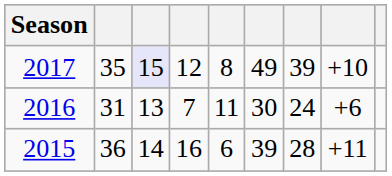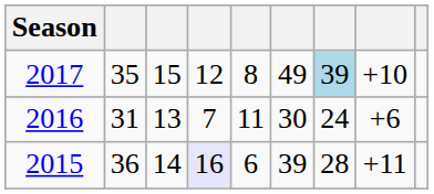 <table class="wikitable" style="text-align:center;">
 <tr>
 <th>Season</th>
 <th></th>
 <th></th>
 <th></th>
 <th></th>
 <th></th>
 <th></th>
 <th></th>
 <th></th>
 </tr>
 <tr>
 <td><a href='#'>2017</a></td>
 <td>35</td>
-<td style="background: lavender;">15</td>
+<td>15</td>
 <td>12</td>
 <td>8</td>
 <td>49</td>
-<td>39</td>
+<td style="background: lightblue;">39</td>
 <td>+10</td>
 <td></td>
 </tr>
 <tr>
 <td><a href='#'>2016</a></td>
 <td>31</td>
 <td>13</td>
 <td>7</td>
 <td>11</td>
 <td>30</td>
 <td>24</td>
 <td>+6</td>
 <td></td>
 </tr>
 <tr>
 <td><a href='#'>2015</a></td>
 <td>36</td>
 <td>14</td>
-<td>16</td>
+<td style="background: lavender;">16</td>
 <td>6</td>
 <td>39</td>
 <td>28</td>
 <td>+11</td>
 <td></td>
 </tr>
 </table>
